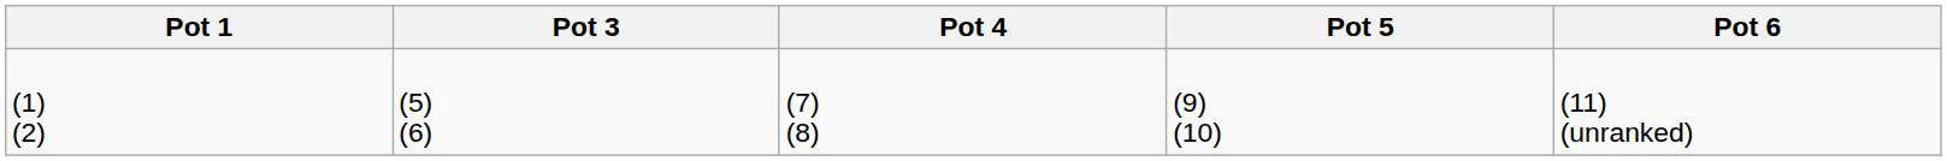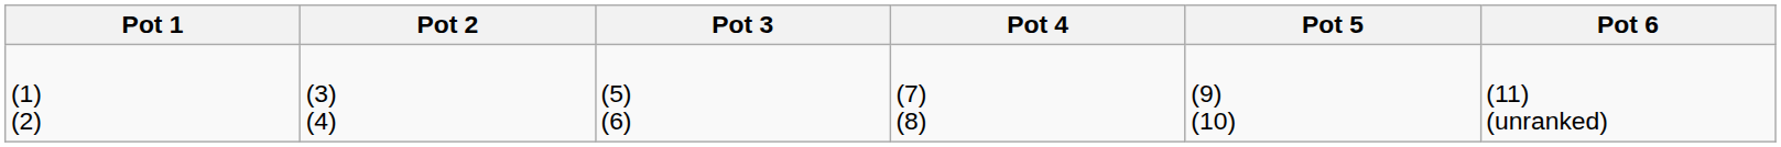 <table class="wikitable" style="width:89%">
 <tr>
 <th width=16.66%><strong>Pot 1</strong></th>
+<th width=16.66%><strong>Pot 2</strong></th>
 <th width=16.67%><strong>Pot 3</strong></th>
 <th width=16.67%><strong>Pot 4</strong></th>
 <th width=16.67%><strong>Pot 5</strong></th>
 <th width=16.67%><strong>Pot 6</strong></th>
 </tr>
 <tr>
 <td><br> (1) <br>  (2) <br></td>
+<td><br> (3) <br>  (4) <br></td>
 <td><br> (5) <br>  (6) <br></td>
 <td><br> (7) <br>  (8) <br></td>
 <td><br> (9) <br>  (10) <br></td>
 <td><br> (11)<br>  (unranked)<br></td>
 </tr>
 </table>
